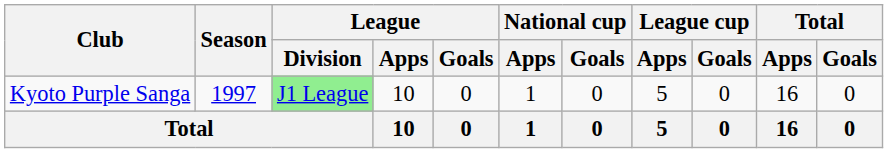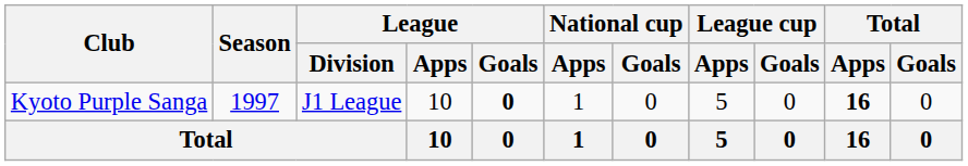 <table class="wikitable" style="text-align:center">
 <tr>
 <th rowspan="2">Club</th>
 <th rowspan="2">Season</th>
 <th colspan="3">League</th>
 <th colspan="2">National cup</th>
 <th colspan="2">League cup</th>
 <th colspan="2">Total</th>
 </tr>
 <tr>
 <th>Division</th>
 <th>Apps</th>
 <th>Goals</th>
 <th>Apps</th>
 <th>Goals</th>
 <th>Apps</th>
 <th>Goals</th>
 <th>Apps</th>
 <th>Goals</th>
 </tr>
 <tr>
 <td><a href='#'>Kyoto Purple Sanga</a></td>
 <td><a href='#'>1997</a></td>
-<td style="background: lightgreen;"><a href='#'>J1 League</a></td>
+<td><a href='#'>J1 League</a></td>
 <td>10</td>
-<td>0</td>
+<td><strong>0</strong></td>
 <td>1</td>
 <td>0</td>
 <td>5</td>
 <td>0</td>
-<td>16</td>
+<td><strong>16</strong></td>
 <td>0</td>
 </tr>
 <tr>
 <th colspan="3">Total</th>
 <th>10</th>
 <th>0</th>
 <th>1</th>
 <th>0</th>
 <th>5</th>
 <th>0</th>
 <th>16</th>
 <th>0</th>
 </tr>
 </table>
